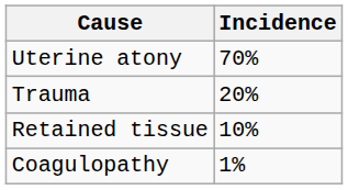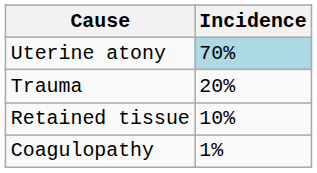 <table class="wikitable" style="float:right; margin:10px">
 <tr>
 <th>Cause</th>
 <th>Incidence</th>
 </tr>
 <tr>
 <td>Uterine atony</td>
-<td>70%</td>
+<td style="background: lightblue;">70%</td>
 </tr>
 <tr>
 <td>Trauma</td>
 <td>20%</td>
 </tr>
 <tr>
 <td>Retained tissue</td>
 <td>10%</td>
 </tr>
 <tr>
 <td>Coagulopathy</td>
 <td>1%</td>
 </tr>
 </table>
